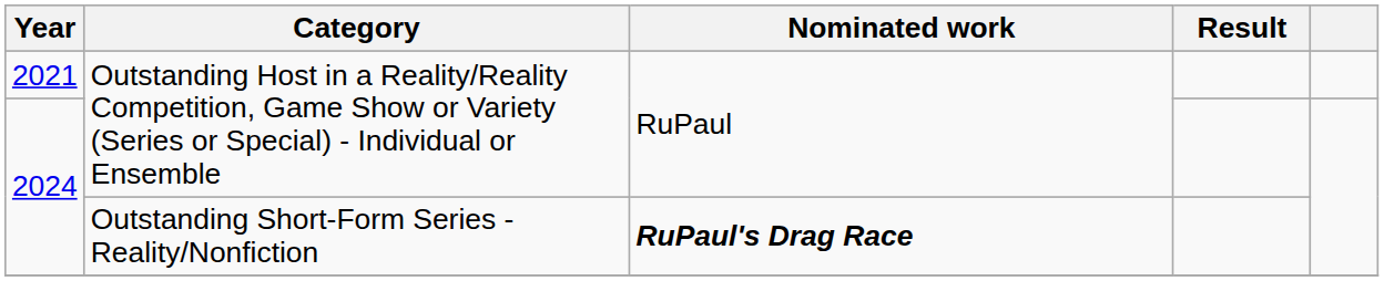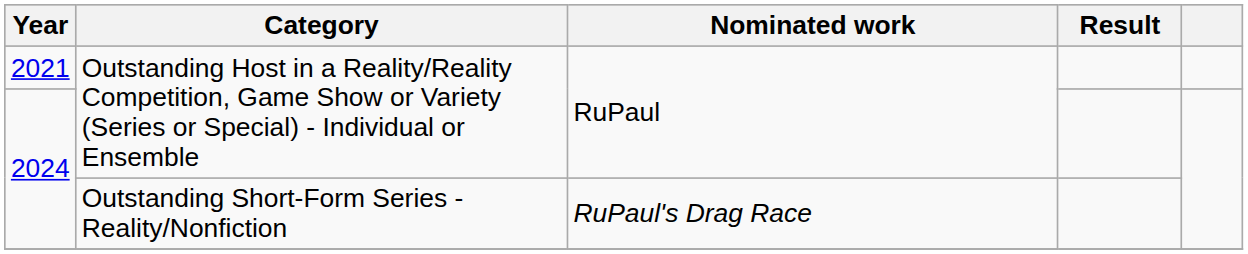 <table class="wikitable" style="width:85%;">
 <tr>
 <th width=5%>Year</th>
 <th style="width:40%;">Category</th>
 <th style="width:40%;">Nominated work</th>
 <th style="width:10%;">Result</th>
 <th width=5%></th>
 </tr>
 <tr>
 <td style="text-align: center;"><a href='#'>2021</a></td>
 <td rowspan="2">Outstanding Host in a Reality/Reality Competition, Game Show or Variety (Series or Special) - Individual or Ensemble</td>
 <td rowspan="2">RuPaul</td>
 <td></td>
 <td></td>
 </tr>
 <tr>
 <td rowspan="2" align="center"><a href='#'>2024</a></td>
 <td></td>
 <td rowspan="2"></td>
 </tr>
 <tr>
 <td>Outstanding Short-Form Series - Reality/Nonfiction</td>
-<td><strong><em>RuPaul's Drag Race</em></strong></td>
+<td><em>RuPaul's Drag Race</em></td>
 <td></td>
 </tr>
 <tr>
 </tr>
 </table>
